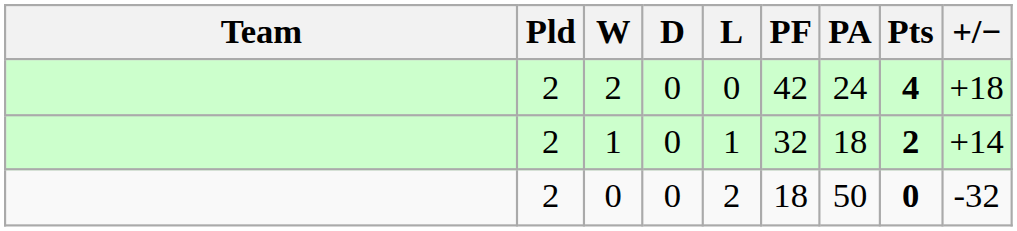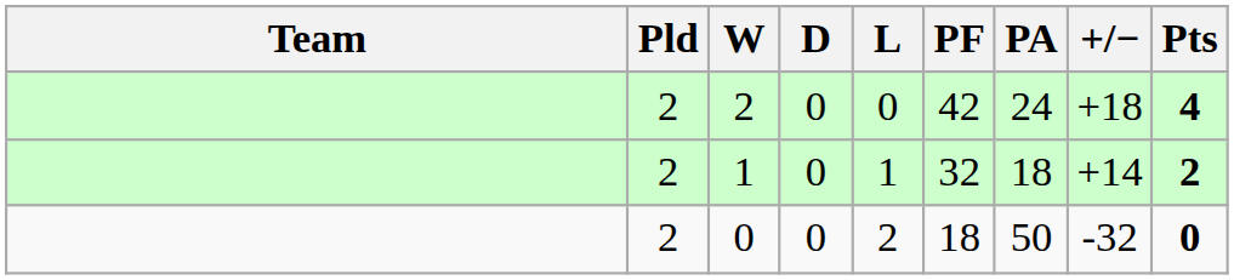 <table class="wikitable" style="text-align:center">
 <tr>
 <th width="230">Team</th>
 <th width="20">Pld</th>
 <th width="20">W</th>
 <th width="20">D</th>
 <th width="20">L</th>
 <th width="20">PF</th>
 <th width="20">PA</th>
+<th width="25">+/−</th>
 <th width="20">Pts</th>
-<th width="25">+/−</th>
 </tr>
 <tr style="background: #ccffcc;">
 <td style="text-align:left;"></td>
 <td>2</td>
 <td>2</td>
 <td>0</td>
 <td>0</td>
 <td>42</td>
 <td>24</td>
+<td>+18</td>
 <td><strong>4</strong></td>
-<td>+18</td>
 </tr>
 <tr style="background: #ccffcc;">
 <td style="text-align:left;"></td>
 <td>2</td>
 <td>1</td>
 <td>0</td>
 <td>1</td>
 <td>32</td>
 <td>18</td>
+<td>+14</td>
 <td><strong>2</strong></td>
-<td>+14</td>
 </tr>
 <tr>
 <td style="text-align:left;"></td>
 <td>2</td>
 <td>0</td>
 <td>0</td>
 <td>2</td>
 <td>18</td>
 <td>50</td>
+<td>-32</td>
 <td><strong>0</strong></td>
-<td>-32</td>
 </tr>
 </table>
